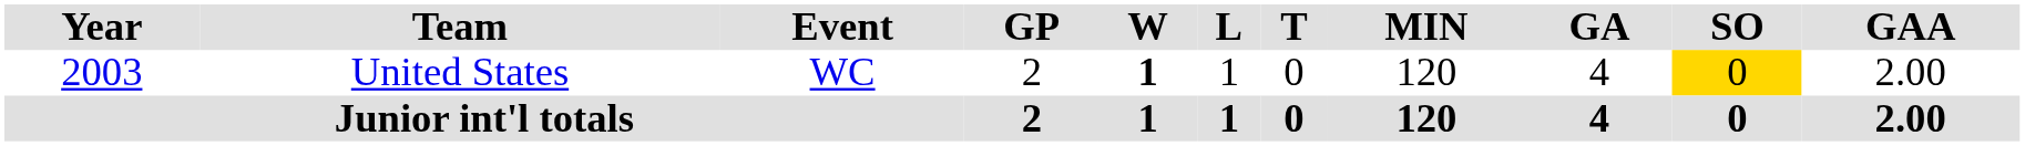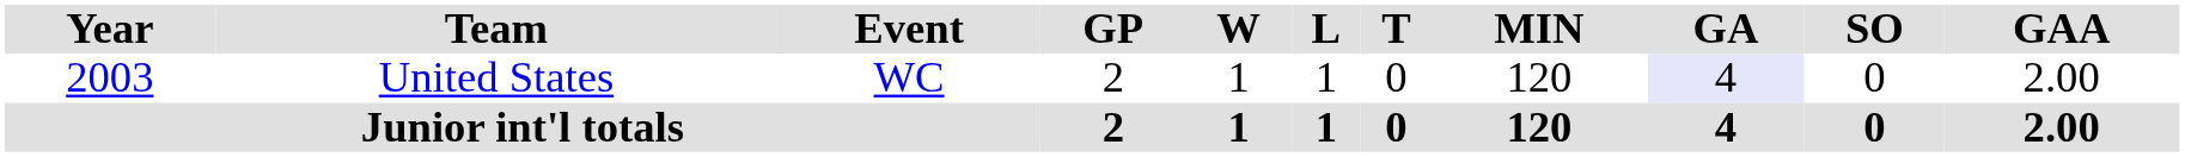 <table BORDER="0" CELLPADDING="0" CELLSPACING="0" width="40%">
 <tr bgcolor="#e0e0e0">
 <th colspan="3" bgcolor="#ffffff"></th>
 <th rowspan="99" bgcolor="#ffffff"></th>
 </tr>
 <tr bgcolor="#e0e0e0" ALIGN="center">
 <th>Year</th>
 <th>Team</th>
 <th>Event</th>
 <th>GP</th>
 <th>W</th>
 <th>L</th>
 <th>T</th>
 <th>MIN</th>
 <th>GA</th>
 <th>SO</th>
 <th>GAA</th>
 </tr>
 <tr align="center">
 <td><a href='#'>2003</a></td>
 <td><a href='#'>United States</a></td>
 <td><a href='#'>WC</a></td>
 <td>2</td>
-<td><strong>1</strong></td>
+<td>1</td>
 <td>1</td>
 <td>0</td>
 <td>120</td>
-<td>4</td>
-<td style="background: gold;">0</td>
+<td style="background: lavender;">4</td>
+<td>0</td>
 <td>2.00</td>
 </tr>
 <tr ALIGN="center" bgcolor="#e0e0e0">
 <th colspan=3>Junior int'l totals</th>
 <th>2</th>
 <th>1</th>
 <th>1</th>
 <th>0</th>
 <th>120</th>
 <th>4</th>
 <th>0</th>
 <th>2.00</th>
 </tr>
 </table>
